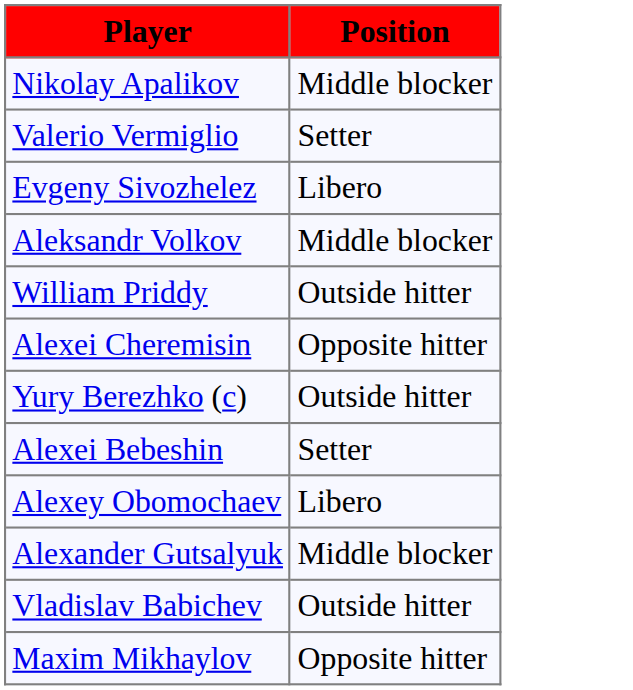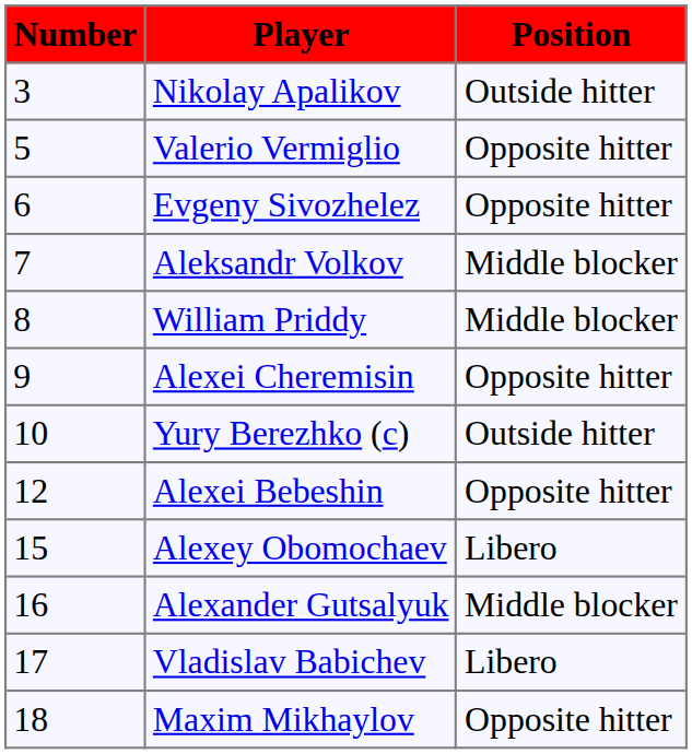 <table bgcolor="#f7f8ff" cellpadding="3" cellspacing="0" border="1" style="font-size: 95%; border: gray solid 1px; border-collapse: collapse;">
 <tr bgcolor="#ff0000">
+<td align=center><strong>Number</strong></td>
 <td align=center><strong>Player</strong></td>
 <td align=center><strong>Position</strong></td>
 </tr>
 <tr align="left">
+<td>3</td>
 <td> <a href='#'>Nikolay Apalikov</a></td>
-<td>Middle blocker</td>
+<td>Outside hitter</td>
 </tr>
 <tr align=left>
+<td>5</td>
 <td> <a href='#'>Valerio Vermiglio</a></td>
-<td>Setter</td>
+<td>Opposite hitter</td>
 </tr>
 <tr align="left">
+<td>6</td>
 <td> <a href='#'>Evgeny Sivozhelez</a></td>
-<td>Libero</td>
+<td>Opposite hitter</td>
 </tr>
 <tr align="left">
+<td>7</td>
 <td> <a href='#'>Aleksandr Volkov</a></td>
 <td>Middle blocker</td>
 </tr>
 <tr align="left">
+<td>8</td>
 <td> <a href='#'>William Priddy</a></td>
-<td>Outside hitter</td>
+<td>Middle blocker</td>
 </tr>
 <tr align="left">
+<td>9</td>
 <td> <a href='#'>Alexei Cheremisin</a></td>
 <td>Opposite hitter</td>
 </tr>
 <tr align="left">
+<td>10</td>
 <td> <a href='#'>Yury Berezhko</a> (<a href='#'>c</a>)</td>
 <td>Outside hitter</td>
 </tr>
 <tr align="left">
+<td>12</td>
 <td> <a href='#'>Alexei Bebeshin</a></td>
-<td>Setter</td>
+<td>Opposite hitter</td>
 </tr>
 <tr align="left">
+<td>15</td>
 <td> <a href='#'>Alexey Obomochaev</a></td>
 <td>Libero</td>
 </tr>
 <tr align="left">
+<td>16</td>
 <td> <a href='#'>Alexander Gutsalyuk</a></td>
 <td>Middle blocker</td>
 </tr>
 <tr align="left">
+<td>17</td>
 <td> <a href='#'>Vladislav Babichev</a></td>
-<td>Outside hitter</td>
+<td>Libero</td>
 </tr>
 <tr align="left">
+<td>18</td>
 <td> <a href='#'>Maxim Mikhaylov</a></td>
 <td>Opposite hitter</td>
 </tr>
 </table>
